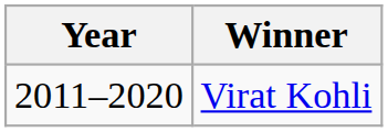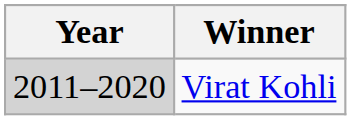 <table class="wikitable">
 <tr>
 <th>Year</th>
 <th>Winner</th>
 </tr>
 <tr>
-<td>2011–2020</td>
+<td style="background: lightgrey;">2011–2020</td>
 <td> <a href='#'>Virat Kohli</a></td>
 </tr>
 </table>
